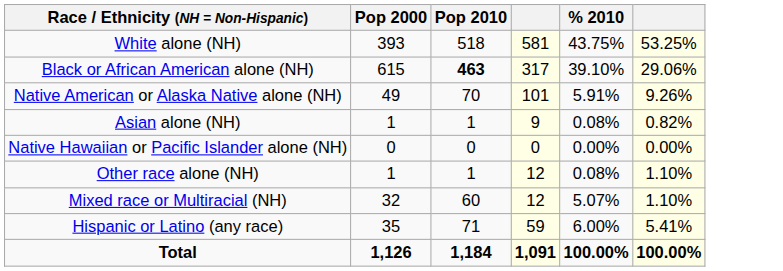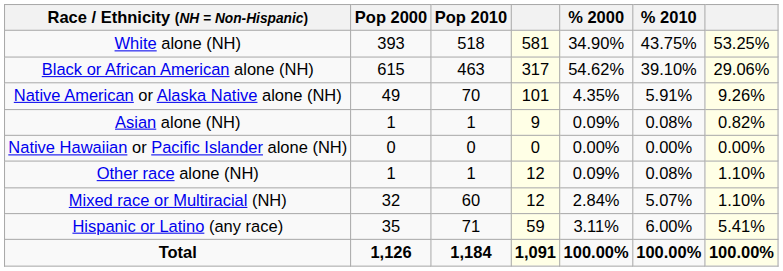 <table class="wikitable" style="text-align:center;">
 <tr>
 <th>Race / Ethnicity <small>(<em>NH = Non-Hispanic</em>)</small></th>
 <th>Pop 2000</th>
 <th>Pop 2010</th>
 <th></th>
+<th>% 2000</th>
 <th>% 2010</th>
 <th></th>
 </tr>
 <tr>
 <td><a href='#'>White</a> alone (NH)</td>
 <td>393</td>
 <td>518</td>
 <td style='background: #ffffe6;'>581</td>
+<td>34.90%</td>
 <td>43.75%</td>
 <td style='background: #ffffe6;'>53.25%</td>
 </tr>
 <tr>
 <td><a href='#'>Black or African American</a> alone (NH)</td>
 <td>615</td>
-<td><strong>463</strong></td>
+<td>463</td>
 <td style='background: #ffffe6;'>317</td>
+<td>54.62%</td>
 <td>39.10%</td>
 <td style='background: #ffffe6;'>29.06%</td>
 </tr>
 <tr>
 <td><a href='#'>Native American</a> or <a href='#'>Alaska Native</a> alone (NH)</td>
 <td>49</td>
 <td>70</td>
 <td style='background: #ffffe6;'>101</td>
+<td>4.35%</td>
 <td>5.91%</td>
 <td style='background: #ffffe6;'>9.26%</td>
 </tr>
 <tr>
 <td><a href='#'>Asian</a> alone (NH)</td>
 <td>1</td>
 <td>1</td>
 <td style='background: #ffffe6;'>9</td>
+<td>0.09%</td>
 <td>0.08%</td>
 <td style='background: #ffffe6;'>0.82%</td>
 </tr>
 <tr>
 <td><a href='#'>Native Hawaiian</a> or <a href='#'>Pacific Islander</a> alone (NH)</td>
 <td>0</td>
 <td>0</td>
 <td style='background: #ffffe6;'>0</td>
 <td>0.00%</td>
+<td>0.00%</td>
 <td style='background: #ffffe6;'>0.00%</td>
 </tr>
 <tr>
 <td><a href='#'>Other race</a> alone (NH)</td>
 <td>1</td>
 <td>1</td>
 <td style='background: #ffffe6;'>12</td>
+<td>0.09%</td>
 <td>0.08%</td>
 <td style='background: #ffffe6;'>1.10%</td>
 </tr>
 <tr>
 <td><a href='#'>Mixed race or Multiracial</a> (NH)</td>
 <td>32</td>
 <td>60</td>
 <td style='background: #ffffe6;'>12</td>
+<td>2.84%</td>
 <td>5.07%</td>
 <td style='background: #ffffe6;'>1.10%</td>
 </tr>
 <tr>
 <td><a href='#'>Hispanic or Latino</a> (any race)</td>
 <td>35</td>
 <td>71</td>
 <td style='background: #ffffe6;'>59</td>
+<td>3.11%</td>
 <td>6.00%</td>
 <td style='background: #ffffe6;'>5.41%</td>
 </tr>
 <tr>
 <td><strong>Total</strong></td>
 <td><strong>1,126</strong></td>
 <td><strong>1,184</strong></td>
 <td style='background: #ffffe6;'><strong>1,091</strong></td>
 <td><strong>100.00%</strong></td>
+<td><strong>100.00%</strong></td>
 <td style='background: #ffffe6;'><strong>100.00%</strong></td>
 </tr>
 </table>
